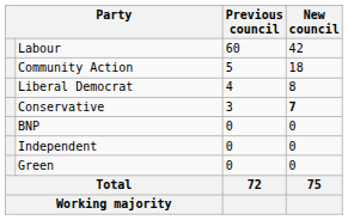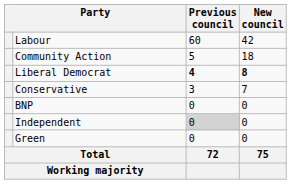 <table class="wikitable">
 <tr>
 <th valign=top colspan="2" style="width: 230px">Party</th>
 <th valign=top style="width: 30px">Previous council</th>
 <th valign=top style="width: 30px">New council</th>
 </tr>
 <tr>
 <th style="background-color: "></th>
 <td>Labour</td>
 <td>60</td>
 <td>42</td>
 </tr>
 <tr>
 <th style="background-color: "></th>
 <td>Community Action</td>
 <td>5</td>
 <td>18</td>
 </tr>
 <tr>
 <th style="background-color: "></th>
 <td>Liberal Democrat</td>
-<td>4</td>
-<td>8</td>
+<td><strong>4</strong></td>
+<td><strong>8</strong></td>
 </tr>
 <tr>
 <th style="background-color: "></th>
 <td>Conservative</td>
 <td>3</td>
-<td><strong>7</strong></td>
+<td>7</td>
 </tr>
 <tr>
 <th style="background-color: "></th>
 <td>BNP</td>
 <td>0</td>
 <td>0</td>
 </tr>
 <tr>
 <th style="background-color: "></th>
 <td>Independent</td>
-<td>0</td>
+<td style="background: lightgrey;">0</td>
 <td>0</td>
 </tr>
 <tr>
 <th style="background-color: "></th>
 <td>Green</td>
 <td>0</td>
 <td>0</td>
 </tr>
 <tr>
 <th colspan=2>Total</th>
 <th style="text-align: center">72</th>
 <th colspan=3>75</th>
 </tr>
 <tr>
 <th colspan=2>Working majority</th>
 <th></th>
 <th></th>
 </tr>
 </table>
